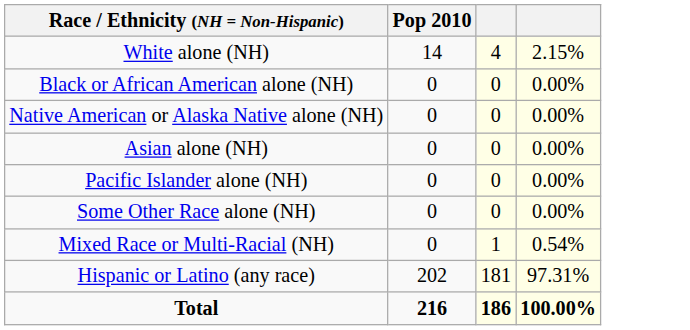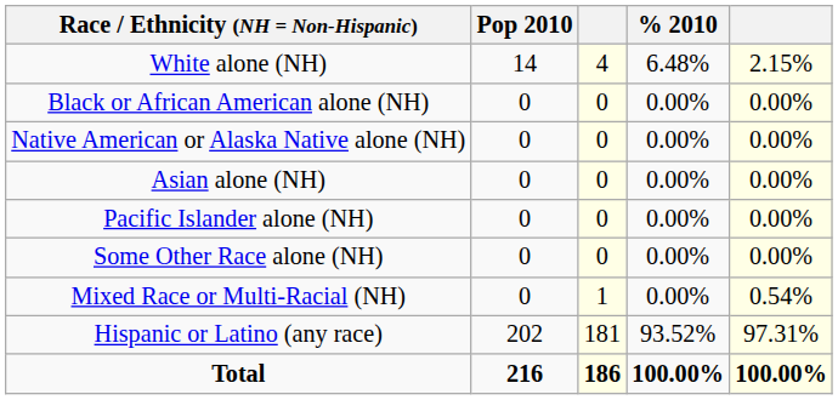 <table class="wikitable" style="text-align:center;">
 <tr>
 <th>Race / Ethnicity <small>(<em>NH = Non-Hispanic</em>)</small></th>
 <th>Pop 2010</th>
 <th></th>
+<th>% 2010</th>
 <th></th>
 </tr>
 <tr>
 <td><a href='#'>White</a> alone (NH)</td>
 <td>14</td>
 <td style='background: #ffffe6;'>4</td>
+<td>6.48%</td>
 <td style='background: #ffffe6;'>2.15%</td>
 </tr>
 <tr>
 <td><a href='#'>Black or African American</a> alone (NH)</td>
 <td>0</td>
 <td style='background: #ffffe6;'>0</td>
+<td>0.00%</td>
 <td style='background: #ffffe6;'>0.00%</td>
 </tr>
 <tr>
 <td><a href='#'>Native American</a> or <a href='#'>Alaska Native</a> alone (NH)</td>
 <td>0</td>
 <td style='background: #ffffe6;'>0</td>
+<td>0.00%</td>
 <td style='background: #ffffe6;'>0.00%</td>
 </tr>
 <tr>
 <td><a href='#'>Asian</a> alone (NH)</td>
 <td>0</td>
 <td style='background: #ffffe6;'>0</td>
+<td>0.00%</td>
 <td style='background: #ffffe6;'>0.00%</td>
 </tr>
 <tr>
 <td><a href='#'>Pacific Islander</a> alone (NH)</td>
 <td>0</td>
 <td style='background: #ffffe6;'>0</td>
+<td>0.00%</td>
 <td style='background: #ffffe6;'>0.00%</td>
 </tr>
 <tr>
 <td><a href='#'>Some Other Race</a> alone (NH)</td>
 <td>0</td>
 <td style='background: #ffffe6;'>0</td>
+<td>0.00%</td>
 <td style='background: #ffffe6;'>0.00%</td>
 </tr>
 <tr>
 <td><a href='#'>Mixed Race or Multi-Racial</a> (NH)</td>
 <td>0</td>
 <td style='background: #ffffe6;'>1</td>
+<td>0.00%</td>
 <td style='background: #ffffe6;'>0.54%</td>
 </tr>
 <tr>
 <td><a href='#'>Hispanic or Latino</a> (any race)</td>
 <td>202</td>
 <td style='background: #ffffe6;'>181</td>
+<td>93.52%</td>
 <td style='background: #ffffe6;'>97.31%</td>
 </tr>
 <tr>
 <td><strong>Total</strong></td>
 <td><strong>216</strong></td>
 <td style='background: #ffffe6;'><strong>186</strong></td>
+<td><strong>100.00%</strong></td>
 <td style='background: #ffffe6;'><strong>100.00%</strong></td>
 </tr>
 </table>
